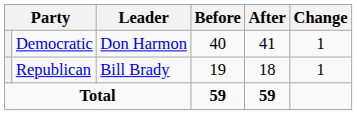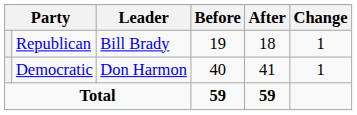 <table class="wikitable" style="text-align:center;">
 <tr>
 </tr>
 <tr>
 <th colspan=2>Party</th>
 <th>Leader</th>
 <th>Before</th>
 <th>After</th>
 <th>Change</th>
 </tr>
 <tr>
 <th style="background-color:"></th>
+<td style="text-align:left;"><a href='#'>Republican</a></td>
+<td style="text-align:left;"><a href='#'>Bill Brady</a></td>
+<td>19</td>
+<td>18</td>
+<td> 1</td>
+</tr>
+<tr>
+<th style="background-color:"></th>
 <td style="text-align:left;"><a href='#'>Democratic</a></td>
 <td style="text-align:left;"><a href='#'>Don Harmon</a></td>
 <td>40</td>
 <td>41</td>
-<td> 1</td>
-</tr>
-<tr>
-<th style="background-color:"></th>
-<td style="text-align:left;"><a href='#'>Republican</a></td>
-<td style="text-align:left;"><a href='#'>Bill Brady</a></td>
-<td>19</td>
-<td>18</td>
 <td> 1</td>
 </tr>
 <tr>
 <td colspan=3><strong>Total</strong></td>
 <td><strong>59</strong></td>
 <td><strong>59</strong></td>
 <td></td>
 </tr>
 </table>
